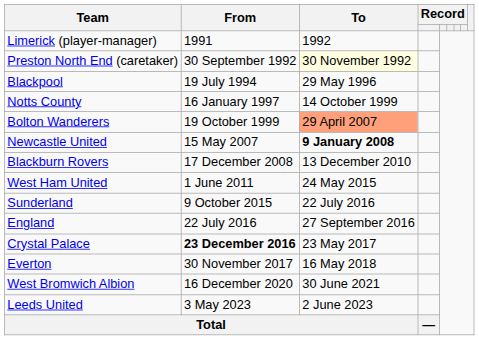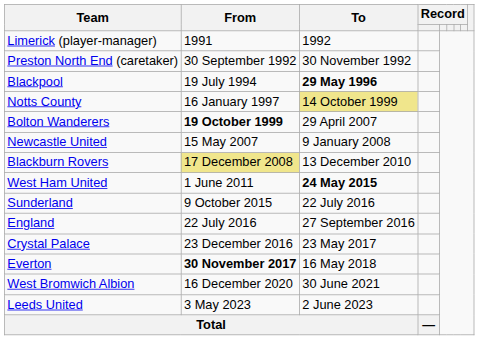 <table class=wikitable style="text-align: center">
 <tr>
 <th rowspan=2>Team</th>
 <th rowspan=2>From</th>
 <th rowspan=2>To</th>
 <th colspan=5>Record</th>
 <th rowspan=2></th>
 </tr>
 <tr>
 <th></th>
 <th></th>
 <th></th>
 <th></th>
 <th></th>
 </tr>
 <tr>
 <td align=left><a href='#'>Limerick</a> (player-manager)</td>
 <td align=left>1991</td>
 <td align=left>1992<br></td>
 <td></td>
 </tr>
 <tr>
 <td align=left><a href='#'>Preston North End</a> (caretaker)</td>
 <td align=left>30 September 1992</td>
-<td align=left style="background: lightyellow;">30 November 1992<br></td>
+<td align=left>30 November 1992<br></td>
 <td></td>
 </tr>
 <tr>
 <td align=left><a href='#'>Blackpool</a></td>
 <td align=left>19 July 1994</td>
-<td align=left>29 May 1996<br></td>
+<td align=left><strong>29 May 1996<br></strong></td>
 <td></td>
 </tr>
 <tr>
 <td align=left><a href='#'>Notts County</a></td>
 <td align=left>16 January 1997</td>
-<td align=left>14 October 1999<br></td>
+<td align=left style="background: khaki;">14 October 1999<br></td>
 <td></td>
 </tr>
 <tr>
 <td align=left><a href='#'>Bolton Wanderers</a></td>
-<td align=left>19 October 1999</td>
-<td align=left style="background: lightsalmon;">29 April 2007<br></td>
+<td align=left><strong>19 October 1999</strong></td>
+<td align=left>29 April 2007<br></td>
 <td></td>
 </tr>
 <tr>
 <td align=left><a href='#'>Newcastle United</a></td>
 <td align=left>15 May 2007</td>
-<td align=left><strong>9 January 2008<br></strong></td>
+<td align=left>9 January 2008<br></td>
 <td></td>
 </tr>
 <tr>
 <td align=left><a href='#'>Blackburn Rovers</a></td>
-<td align=left>17 December 2008</td>
+<td align=left style="background: khaki;">17 December 2008</td>
 <td align=left>13 December 2010<br></td>
 <td></td>
 </tr>
 <tr>
 <td align=left><a href='#'>West Ham United</a></td>
 <td align=left>1 June 2011</td>
-<td align=left>24 May 2015<br></td>
+<td align=left><strong>24 May 2015<br></strong></td>
 <td></td>
 </tr>
 <tr>
 <td align=left><a href='#'>Sunderland</a></td>
 <td align=left>9 October 2015</td>
 <td align=left>22 July 2016<br></td>
 <td></td>
 </tr>
 <tr>
 <td align=left><a href='#'>England</a></td>
 <td align=left>22 July 2016</td>
 <td align=left>27 September 2016<br></td>
 <td></td>
 </tr>
 <tr>
 <td align=left><a href='#'>Crystal Palace</a></td>
-<td align=left><strong>23 December 2016</strong></td>
+<td align=left>23 December 2016</td>
 <td align=left>23 May 2017<br></td>
 <td></td>
 </tr>
 <tr>
 <td align=left><a href='#'>Everton</a></td>
-<td align=left>30 November 2017</td>
+<td align=left><strong>30 November 2017</strong></td>
 <td align=left>16 May 2018<br></td>
 <td></td>
 </tr>
 <tr>
 <td align=left><a href='#'>West Bromwich Albion</a></td>
 <td align=left>16 December 2020</td>
 <td align=left>30 June 2021<br></td>
 <td></td>
 </tr>
 <tr>
 <td align=left><a href='#'>Leeds United</a></td>
 <td align=left>3 May 2023</td>
 <td align=left>2 June 2023<br></td>
 <td></td>
 </tr>
 <tr>
 <th colspan=3>Total<br></th>
 <th>—</th>
 </tr>
 </table>
